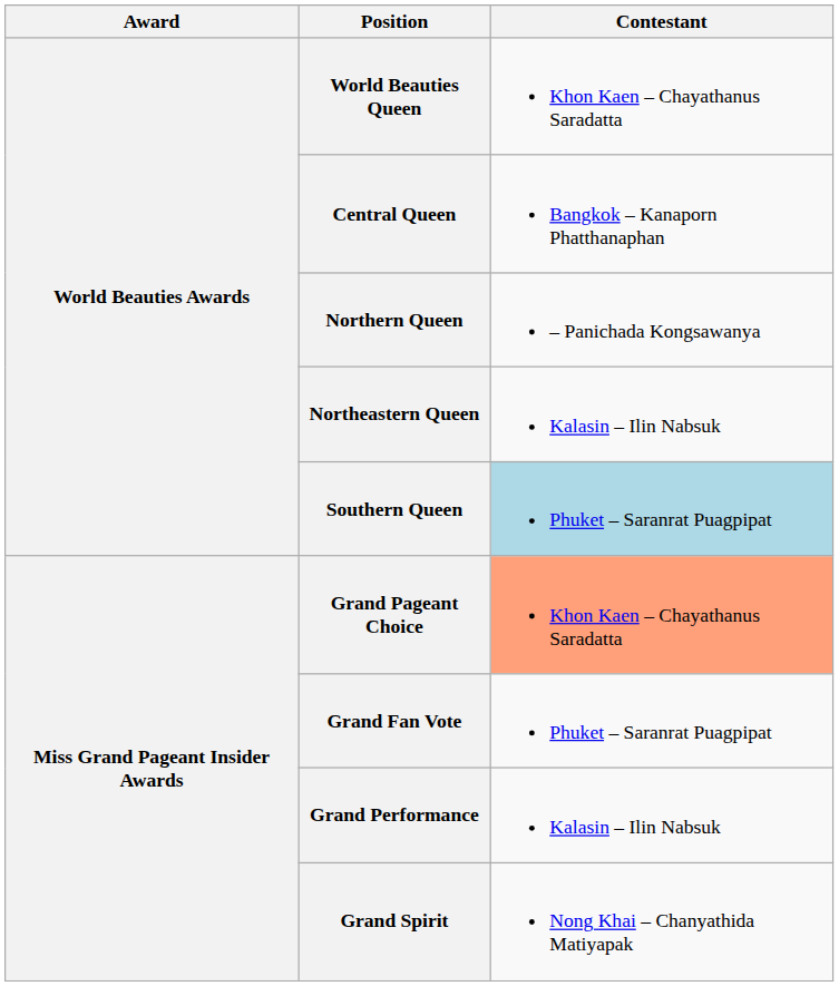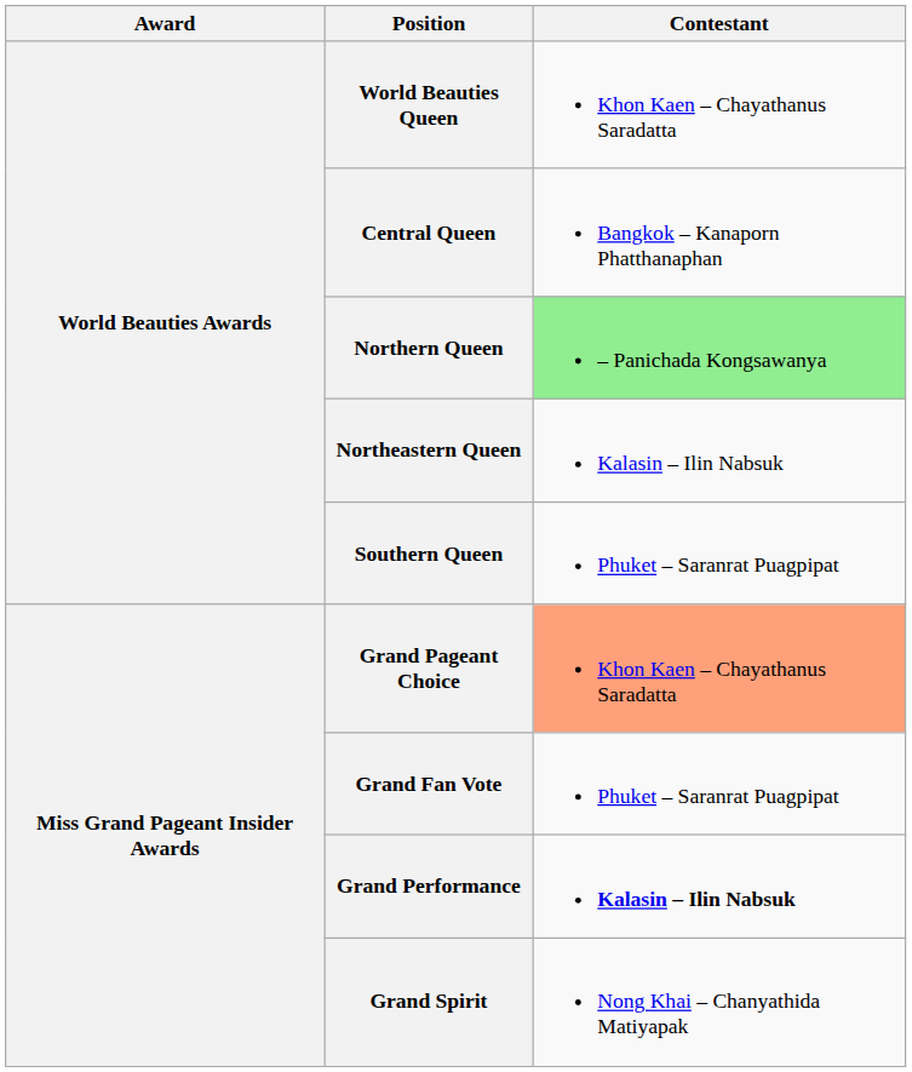 <table class="wikitable" style="font-size: 90%;">
 <tr>
 <th>Award</th>
 <th>Position</th>
 <th>Contestant</th>
 </tr>
 <tr>
 <th rowspan=5>World Beauties Awards<br></th>
 <th>World Beauties Queen</th>
 <td><br><ul><li><a href='#'>Khon Kaen</a> – Chayathanus Saradatta</li></ul></td>
 </tr>
 <tr>
 <th>Central Queen</th>
 <td><br><ul><li><a href='#'>Bangkok</a> – Kanaporn Phatthanaphan</li></ul></td>
 </tr>
 <tr>
 <th>Northern Queen</th>
-<td><br><ul><li> – Panichada Kongsawanya</li></ul></td>
+<td style="background: lightgreen;"><br><ul><li> – Panichada Kongsawanya</li></ul></td>
 </tr>
 <tr>
 <th>Northeastern Queen</th>
 <td><br><ul><li><a href='#'>Kalasin</a> – Ilin Nabsuk</li></ul></td>
 </tr>
 <tr>
 <th>Southern Queen</th>
-<td style="background: lightblue;"><br><ul><li><a href='#'>Phuket</a> – Saranrat Puagpipat</li></ul></td>
+<td><br><ul><li><a href='#'>Phuket</a> – Saranrat Puagpipat</li></ul></td>
 </tr>
 <tr>
 <th rowspan=4>Miss Grand Pageant Insider Awards<br></th>
 <th>Grand Pageant Choice</th>
 <td style="background: lightsalmon;"><br><ul><li><a href='#'>Khon Kaen</a> – Chayathanus Saradatta</li></ul></td>
 </tr>
 <tr>
 <th>Grand Fan Vote</th>
 <td><br><ul><li><a href='#'>Phuket</a> – Saranrat Puagpipat</li></ul></td>
 </tr>
 <tr>
 <th>Grand Performance</th>
-<td><br><ul><li><a href='#'>Kalasin</a> – Ilin Nabsuk</li></ul></td>
+<td><strong><br><ul><li><a href='#'>Kalasin</a> – Ilin Nabsuk</li></ul></strong></td>
 </tr>
 <tr>
 <th>Grand Spirit</th>
 <td><br><ul><li><a href='#'>Nong Khai</a> – Chanyathida Matiyapak</li></ul></td>
 </tr>
 </table>
